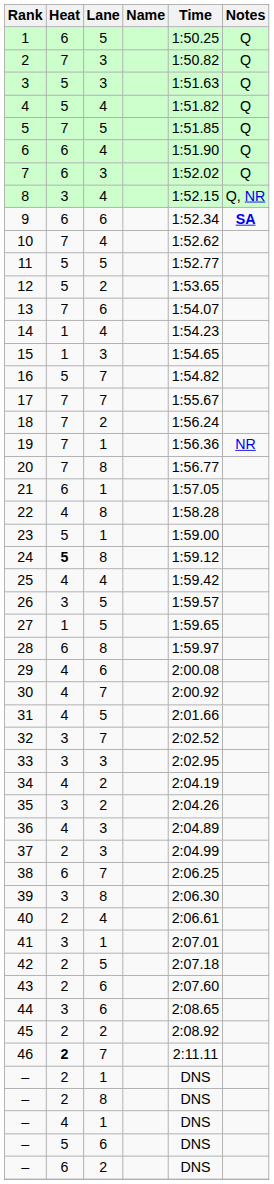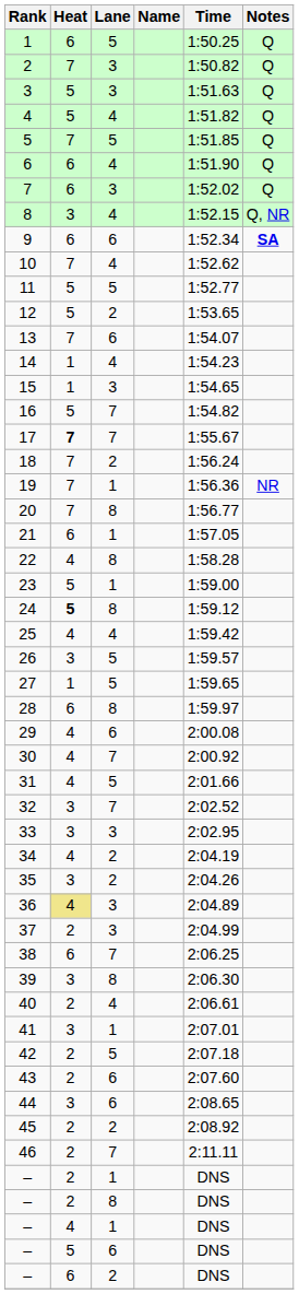 <table class="wikitable sortable" style="text-align:center">
 <tr>
 <th>Rank</th>
 <th>Heat</th>
 <th>Lane</th>
 <th>Name</th>
 <th>Time</th>
 <th>Notes</th>
 </tr>
 <tr bgcolor=ccffcc>
 <td>1</td>
 <td>6</td>
 <td>5</td>
 <td align=left></td>
 <td>1:50.25</td>
 <td>Q</td>
 </tr>
 <tr bgcolor=ccffcc>
 <td>2</td>
 <td>7</td>
 <td>3</td>
 <td align=left></td>
 <td>1:50.82</td>
 <td>Q</td>
 </tr>
 <tr bgcolor=ccffcc>
 <td>3</td>
 <td>5</td>
 <td>3</td>
 <td align=left></td>
 <td>1:51.63</td>
 <td>Q</td>
 </tr>
 <tr bgcolor=ccffcc>
 <td>4</td>
 <td>5</td>
 <td>4</td>
 <td align=left></td>
 <td>1:51.82</td>
 <td>Q</td>
 </tr>
 <tr bgcolor=ccffcc>
 <td>5</td>
 <td>7</td>
 <td>5</td>
 <td align=left></td>
 <td>1:51.85</td>
 <td>Q</td>
 </tr>
 <tr bgcolor=ccffcc>
 <td>6</td>
 <td>6</td>
 <td>4</td>
 <td align=left></td>
 <td>1:51.90</td>
 <td>Q</td>
 </tr>
 <tr bgcolor=ccffcc>
 <td>7</td>
 <td>6</td>
 <td>3</td>
 <td align=left></td>
 <td>1:52.02</td>
 <td>Q</td>
 </tr>
 <tr bgcolor=ccffcc>
 <td>8</td>
 <td>3</td>
 <td>4</td>
 <td align=left></td>
 <td>1:52.15</td>
 <td>Q, <a href='#'>NR</a></td>
 </tr>
 <tr>
 <td>9</td>
 <td>6</td>
 <td>6</td>
 <td align=left></td>
 <td>1:52.34</td>
 <td><strong><a href='#'>SA</a></strong></td>
 </tr>
 <tr>
 <td>10</td>
 <td>7</td>
 <td>4</td>
 <td align=left></td>
 <td>1:52.62</td>
 <td></td>
 </tr>
 <tr>
 <td>11</td>
 <td>5</td>
 <td>5</td>
 <td align=left></td>
 <td>1:52.77</td>
 <td></td>
 </tr>
 <tr>
 <td>12</td>
 <td>5</td>
 <td>2</td>
 <td align=left></td>
 <td>1:53.65</td>
 <td></td>
 </tr>
 <tr>
 <td>13</td>
 <td>7</td>
 <td>6</td>
 <td align=left></td>
 <td>1:54.07</td>
 <td></td>
 </tr>
 <tr>
 <td>14</td>
 <td>1</td>
 <td>4</td>
 <td align=left></td>
 <td>1:54.23</td>
 <td></td>
 </tr>
 <tr>
 <td>15</td>
 <td>1</td>
 <td>3</td>
 <td align=left></td>
 <td>1:54.65</td>
 <td></td>
 </tr>
 <tr>
 <td>16</td>
 <td>5</td>
 <td>7</td>
 <td align=left></td>
 <td>1:54.82</td>
 <td></td>
 </tr>
 <tr>
 <td>17</td>
-<td>7</td>
+<td><strong>7</strong></td>
 <td>7</td>
 <td align=left></td>
 <td>1:55.67</td>
 <td></td>
 </tr>
 <tr>
 <td>18</td>
 <td>7</td>
 <td>2</td>
 <td align=left></td>
 <td>1:56.24</td>
 <td></td>
 </tr>
 <tr>
 <td>19</td>
 <td>7</td>
 <td>1</td>
 <td align=left></td>
 <td>1:56.36</td>
 <td><a href='#'>NR</a></td>
 </tr>
 <tr>
 <td>20</td>
 <td>7</td>
 <td>8</td>
 <td align=left></td>
 <td>1:56.77</td>
 <td></td>
 </tr>
 <tr>
 <td>21</td>
 <td>6</td>
 <td>1</td>
 <td align=left></td>
 <td>1:57.05</td>
 <td></td>
 </tr>
 <tr>
 <td>22</td>
 <td>4</td>
 <td>8</td>
 <td align=left></td>
 <td>1:58.28</td>
 <td></td>
 </tr>
 <tr>
 <td>23</td>
 <td>5</td>
 <td>1</td>
 <td align=left></td>
 <td>1:59.00</td>
 <td></td>
 </tr>
 <tr>
 <td>24</td>
 <td><strong>5</strong></td>
 <td>8</td>
 <td align=left></td>
 <td>1:59.12</td>
 <td></td>
 </tr>
 <tr>
 <td>25</td>
 <td>4</td>
 <td>4</td>
 <td align=left></td>
 <td>1:59.42</td>
 <td></td>
 </tr>
 <tr>
 <td>26</td>
 <td>3</td>
 <td>5</td>
 <td align=left></td>
 <td>1:59.57</td>
 <td></td>
 </tr>
 <tr>
 <td>27</td>
 <td>1</td>
 <td>5</td>
 <td align=left></td>
 <td>1:59.65</td>
 <td></td>
 </tr>
 <tr>
 <td>28</td>
 <td>6</td>
 <td>8</td>
 <td align=left></td>
 <td>1:59.97</td>
 <td></td>
 </tr>
 <tr>
 <td>29</td>
 <td>4</td>
 <td>6</td>
 <td align=left></td>
 <td>2:00.08</td>
 <td></td>
 </tr>
 <tr>
 <td>30</td>
 <td>4</td>
 <td>7</td>
 <td align=left></td>
 <td>2:00.92</td>
 <td></td>
 </tr>
 <tr>
 <td>31</td>
 <td>4</td>
 <td>5</td>
 <td align=left></td>
 <td>2:01.66</td>
 <td></td>
 </tr>
 <tr>
 <td>32</td>
 <td>3</td>
 <td>7</td>
 <td align=left></td>
 <td>2:02.52</td>
 <td></td>
 </tr>
 <tr>
 <td>33</td>
 <td>3</td>
 <td>3</td>
 <td align=left></td>
 <td>2:02.95</td>
 <td></td>
 </tr>
 <tr>
 <td>34</td>
 <td>4</td>
 <td>2</td>
 <td align=left></td>
 <td>2:04.19</td>
 <td></td>
 </tr>
 <tr>
 <td>35</td>
 <td>3</td>
 <td>2</td>
 <td align=left></td>
 <td>2:04.26</td>
 <td></td>
 </tr>
 <tr>
 <td>36</td>
-<td>4</td>
+<td style="background: khaki;">4</td>
 <td>3</td>
 <td align=left></td>
 <td>2:04.89</td>
 <td></td>
 </tr>
 <tr>
 <td>37</td>
 <td>2</td>
 <td>3</td>
 <td align=left></td>
 <td>2:04.99</td>
 <td></td>
 </tr>
 <tr>
 <td>38</td>
 <td>6</td>
 <td>7</td>
 <td align=left></td>
 <td>2:06.25</td>
 <td></td>
 </tr>
 <tr>
 <td>39</td>
 <td>3</td>
 <td>8</td>
 <td align=left></td>
 <td>2:06.30</td>
 <td></td>
 </tr>
 <tr>
 <td>40</td>
 <td>2</td>
 <td>4</td>
 <td align=left></td>
 <td>2:06.61</td>
 <td></td>
 </tr>
 <tr>
 <td>41</td>
 <td>3</td>
 <td>1</td>
 <td align=left></td>
 <td>2:07.01</td>
 <td></td>
 </tr>
 <tr>
 <td>42</td>
 <td>2</td>
 <td>5</td>
 <td align=left></td>
 <td>2:07.18</td>
 <td></td>
 </tr>
 <tr>
 <td>43</td>
 <td>2</td>
 <td>6</td>
 <td align=left></td>
 <td>2:07.60</td>
 <td></td>
 </tr>
 <tr>
 <td>44</td>
 <td>3</td>
 <td>6</td>
 <td align=left></td>
 <td>2:08.65</td>
 <td></td>
 </tr>
 <tr>
 <td>45</td>
 <td>2</td>
 <td>2</td>
 <td align=left></td>
 <td>2:08.92</td>
 <td></td>
 </tr>
 <tr>
 <td>46</td>
-<td><strong>2</strong></td>
+<td>2</td>
 <td>7</td>
 <td align=left></td>
 <td>2:11.11</td>
 <td></td>
 </tr>
 <tr>
 <td>–</td>
 <td>2</td>
 <td>1</td>
 <td align=left></td>
 <td>DNS</td>
 <td></td>
 </tr>
 <tr>
 <td>–</td>
 <td>2</td>
 <td>8</td>
 <td align=left></td>
 <td>DNS</td>
 <td></td>
 </tr>
 <tr>
 <td>–</td>
 <td>4</td>
 <td>1</td>
 <td align=left></td>
 <td>DNS</td>
 <td></td>
 </tr>
 <tr>
 <td>–</td>
 <td>5</td>
 <td>6</td>
 <td align=left></td>
 <td>DNS</td>
 <td></td>
 </tr>
 <tr>
 <td>–</td>
 <td>6</td>
 <td>2</td>
 <td align=left></td>
 <td>DNS</td>
 <td></td>
 </tr>
 <tr>
 </tr>
 </table>
